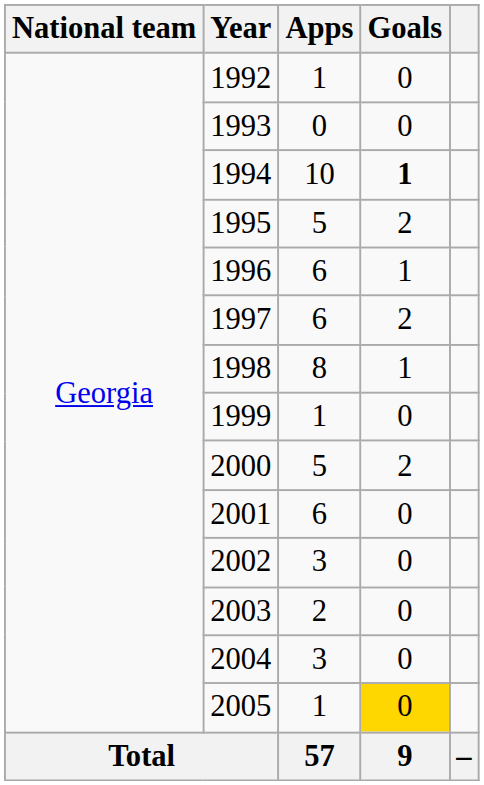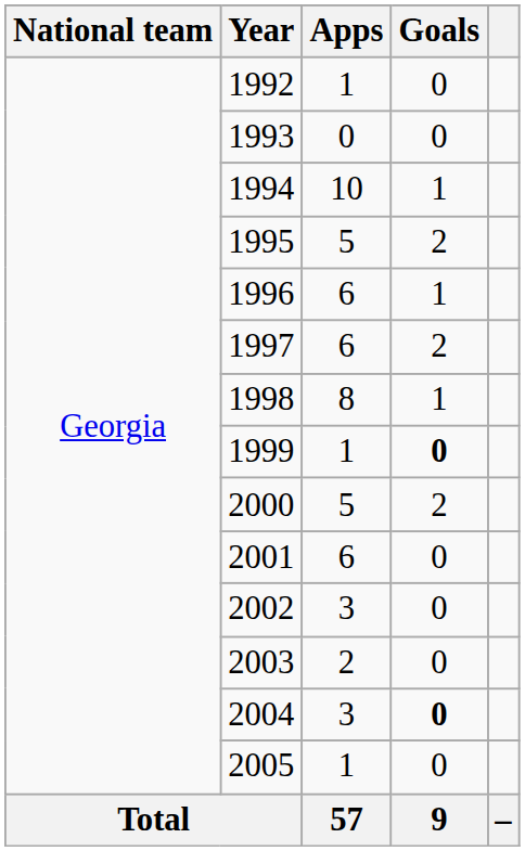 <table class="wikitable" style="text-align:center">
 <tr>
 <th>National team</th>
 <th>Year</th>
 <th>Apps</th>
 <th>Goals</th>
 <th></th>
 </tr>
 <tr>
 <td rowspan="14"><a href='#'>Georgia</a></td>
 <td>1992</td>
 <td>1</td>
 <td>0</td>
 <td></td>
 </tr>
 <tr>
 <td>1993</td>
 <td>0</td>
 <td>0</td>
 <td></td>
 </tr>
 <tr>
 <td>1994</td>
 <td>10</td>
-<td><strong>1</strong></td>
+<td>1</td>
 <td></td>
 </tr>
 <tr>
 <td>1995</td>
 <td>5</td>
 <td>2</td>
 <td></td>
 </tr>
 <tr>
 <td>1996</td>
 <td>6</td>
 <td>1</td>
 <td></td>
 </tr>
 <tr>
 <td>1997</td>
 <td>6</td>
 <td>2</td>
 <td></td>
 </tr>
 <tr>
 <td>1998</td>
 <td>8</td>
 <td>1</td>
 <td></td>
 </tr>
 <tr>
 <td>1999</td>
 <td>1</td>
-<td>0</td>
+<td><strong>0</strong></td>
 <td></td>
 </tr>
 <tr>
 <td>2000</td>
 <td>5</td>
 <td>2</td>
 <td></td>
 </tr>
 <tr>
 <td>2001</td>
 <td>6</td>
 <td>0</td>
 <td></td>
 </tr>
 <tr>
 <td>2002</td>
 <td>3</td>
 <td>0</td>
 <td></td>
 </tr>
 <tr>
 <td>2003</td>
 <td>2</td>
 <td>0</td>
 <td></td>
 </tr>
 <tr>
 <td>2004</td>
 <td>3</td>
-<td>0</td>
+<td><strong>0</strong></td>
 <td></td>
 </tr>
 <tr>
 <td>2005</td>
 <td>1</td>
-<td style="background: gold;">0</td>
+<td>0</td>
 <td></td>
 </tr>
 <tr>
 <th colspan="2">Total</th>
 <th>57</th>
 <th>9</th>
 <th>–</th>
 </tr>
 </table>
